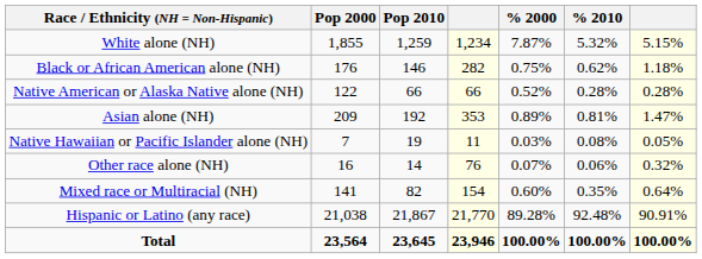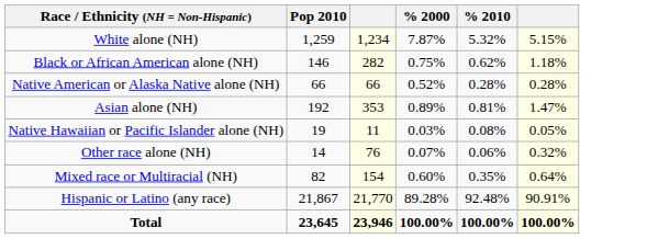 <table class="wikitable" style="text-align:center;">
 <tr>
 <th>Race / Ethnicity <small>(<em>NH = Non-Hispanic</em>)</small></th>
-<th>Pop 2000</th>
 <th>Pop 2010</th>
 <th></th>
 <th>% 2000</th>
 <th>% 2010</th>
 <th></th>
 </tr>
 <tr>
 <td><a href='#'>White</a> alone (NH)</td>
-<td>1,855</td>
 <td>1,259</td>
 <td style='background: #ffffe6;'>1,234</td>
 <td>7.87%</td>
 <td>5.32%</td>
 <td style='background: #ffffe6;'>5.15%</td>
 </tr>
 <tr>
 <td><a href='#'>Black or African American</a> alone (NH)</td>
-<td>176</td>
 <td>146</td>
 <td style='background: #ffffe6;'>282</td>
 <td>0.75%</td>
 <td>0.62%</td>
 <td style='background: #ffffe6;'>1.18%</td>
 </tr>
 <tr>
 <td><a href='#'>Native American</a> or <a href='#'>Alaska Native</a> alone (NH)</td>
-<td>122</td>
 <td>66</td>
 <td style='background: #ffffe6;'>66</td>
 <td>0.52%</td>
 <td>0.28%</td>
 <td style='background: #ffffe6;'>0.28%</td>
 </tr>
 <tr>
 <td><a href='#'>Asian</a> alone (NH)</td>
-<td>209</td>
 <td>192</td>
 <td style='background: #ffffe6;'>353</td>
 <td>0.89%</td>
 <td>0.81%</td>
 <td style='background: #ffffe6;'>1.47%</td>
 </tr>
 <tr>
 <td><a href='#'>Native Hawaiian</a> or <a href='#'>Pacific Islander</a> alone (NH)</td>
-<td>7</td>
 <td>19</td>
 <td style='background: #ffffe6;'>11</td>
 <td>0.03%</td>
 <td>0.08%</td>
 <td style='background: #ffffe6;'>0.05%</td>
 </tr>
 <tr>
 <td><a href='#'>Other race</a> alone (NH)</td>
-<td>16</td>
 <td>14</td>
 <td style='background: #ffffe6;'>76</td>
 <td>0.07%</td>
 <td>0.06%</td>
 <td style='background: #ffffe6;'>0.32%</td>
 </tr>
 <tr>
 <td><a href='#'>Mixed race or Multiracial</a> (NH)</td>
-<td>141</td>
 <td>82</td>
 <td style='background: #ffffe6;'>154</td>
 <td>0.60%</td>
 <td>0.35%</td>
 <td style='background: #ffffe6;'>0.64%</td>
 </tr>
 <tr>
 <td><a href='#'>Hispanic or Latino</a> (any race)</td>
-<td>21,038</td>
 <td>21,867</td>
 <td style='background: #ffffe6;'>21,770</td>
 <td>89.28%</td>
 <td>92.48%</td>
 <td style='background: #ffffe6;'>90.91%</td>
 </tr>
 <tr>
 <td><strong>Total</strong></td>
-<td><strong>23,564</strong></td>
 <td><strong>23,645</strong></td>
 <td style='background: #ffffe6;'><strong>23,946</strong></td>
 <td><strong>100.00%</strong></td>
 <td><strong>100.00%</strong></td>
 <td style='background: #ffffe6;'><strong>100.00%</strong></td>
 </tr>
 </table>
